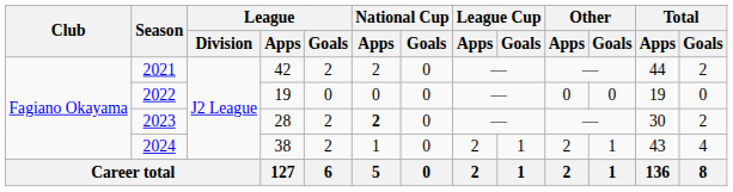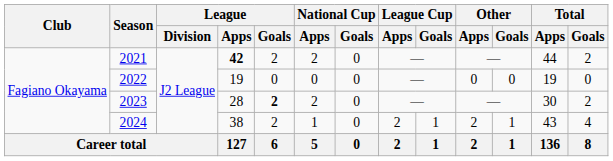 <table class="wikitable" style="text-align: center">
 <tr>
 <th rowspan="2">Club</th>
 <th rowspan="2">Season</th>
 <th colspan="3">League</th>
 <th colspan="2">National Cup</th>
 <th colspan="2">League Cup</th>
 <th colspan="2">Other</th>
 <th colspan="2">Total</th>
 </tr>
 <tr>
 <th>Division</th>
 <th>Apps</th>
 <th>Goals</th>
 <th>Apps</th>
 <th>Goals</th>
 <th>Apps</th>
 <th>Goals</th>
 <th>Apps</th>
 <th>Goals</th>
 <th>Apps</th>
 <th>Goals</th>
 </tr>
 <tr>
 <td rowspan="4"><a href='#'>Fagiano Okayama</a></td>
 <td><a href='#'>2021</a></td>
 <td rowspan="4"><a href='#'>J2 League</a></td>
-<td>42</td>
+<td><strong>42</strong></td>
 <td>2</td>
 <td>2</td>
 <td>0</td>
 <td colspan="2">—</td>
 <td colspan="2">—</td>
 <td>44</td>
 <td>2</td>
 </tr>
 <tr>
 <td><a href='#'>2022</a></td>
 <td>19</td>
 <td>0</td>
 <td>0</td>
 <td>0</td>
 <td colspan="2">—</td>
 <td>0</td>
 <td>0</td>
 <td>19</td>
 <td>0</td>
 </tr>
 <tr>
 <td><a href='#'>2023</a></td>
 <td>28</td>
+<td><strong>2</strong></td>
 <td>2</td>
-<td><strong>2</strong></td>
 <td>0</td>
 <td colspan="2">—</td>
 <td colspan="2">—</td>
 <td>30</td>
 <td>2</td>
 </tr>
 <tr>
 <td><a href='#'>2024</a></td>
 <td>38</td>
 <td>2</td>
 <td>1</td>
 <td>0</td>
 <td>2</td>
 <td>1</td>
 <td>2</td>
 <td>1</td>
 <td>43</td>
 <td>4</td>
 </tr>
 <tr>
 <th colspan="3">Career total</th>
 <th>127</th>
 <th>6</th>
 <th>5</th>
 <th>0</th>
 <th>2</th>
 <th>1</th>
 <th>2</th>
 <th>1</th>
 <th>136</th>
 <th>8</th>
 </tr>
 </table>
